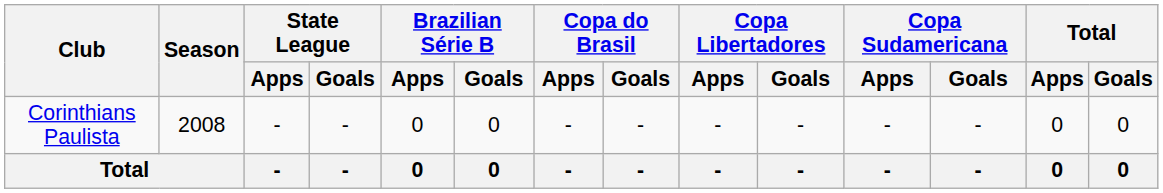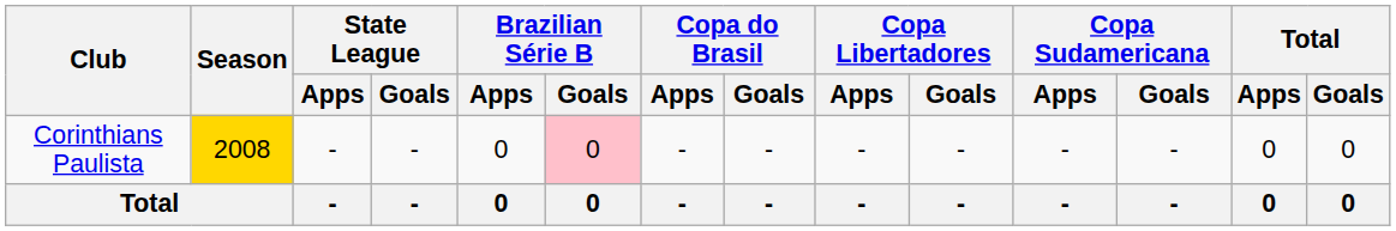 <table class="wikitable" style="text-align: center;">
 <tr>
 <th rowspan=2>Club</th>
 <th rowspan=2>Season</th>
 <th colspan=2>State League</th>
 <th colspan=2><a href='#'>Brazilian Série B</a></th>
 <th colspan=2><a href='#'>Copa do Brasil</a></th>
 <th colspan=2><a href='#'>Copa Libertadores</a></th>
 <th colspan=2><a href='#'>Copa Sudamericana</a></th>
 <th colspan=2>Total</th>
 </tr>
 <tr>
 <th>Apps</th>
 <th>Goals</th>
 <th>Apps</th>
 <th>Goals</th>
 <th>Apps</th>
 <th>Goals</th>
 <th>Apps</th>
 <th>Goals</th>
 <th>Apps</th>
 <th>Goals</th>
 <th>Apps</th>
 <th>Goals</th>
 </tr>
 <tr>
 <td rowspan=1 valign="center"><a href='#'>Corinthians Paulista</a></td>
-<td>2008</td>
+<td style="background: gold;">2008</td>
 <td>-</td>
 <td>-</td>
 <td>0</td>
-<td>0</td>
+<td style="background: pink;">0</td>
 <td>-</td>
 <td>-</td>
 <td>-</td>
 <td>-</td>
 <td>-</td>
 <td>-</td>
 <td>0</td>
 <td>0</td>
 </tr>
 <tr>
 <th colspan=2>Total</th>
 <th>-</th>
 <th>-</th>
 <th>0</th>
 <th>0</th>
 <th>-</th>
 <th>-</th>
 <th>-</th>
 <th>-</th>
 <th>-</th>
 <th>-</th>
 <th>0</th>
 <th>0</th>
 </tr>
 </table>
